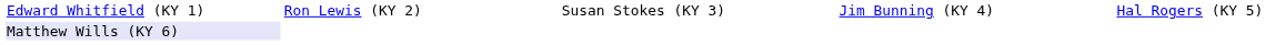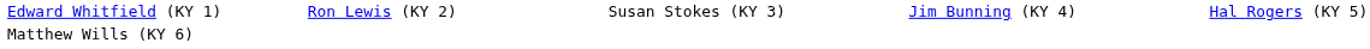 <table width="100%">
 <tr>
 <td width="20%"><a href='#'>Edward Whitfield</a> (KY 1)</td>
 <td width="20%"><a href='#'>Ron Lewis</a> (KY 2)</td>
 <td width="20%">Susan Stokes (KY 3)</td>
 <td width="20%"><a href='#'>Jim Bunning</a> (KY 4)</td>
 <td width="20%"><a href='#'>Hal Rogers</a> (KY 5)</td>
 </tr>
 <tr>
-<td style="background: lavender;">Matthew Wills (KY 6)</td>
+<td>Matthew Wills (KY 6)</td>
 </tr>
 </table>
